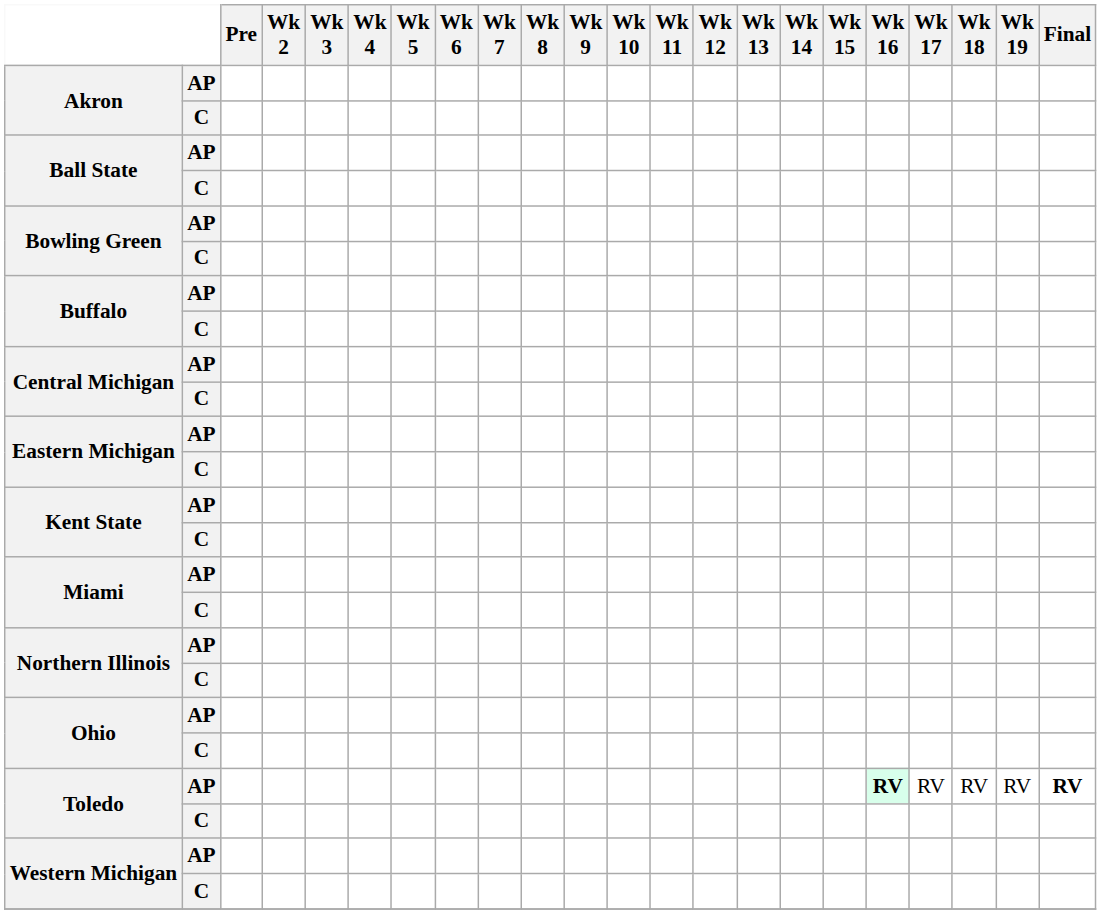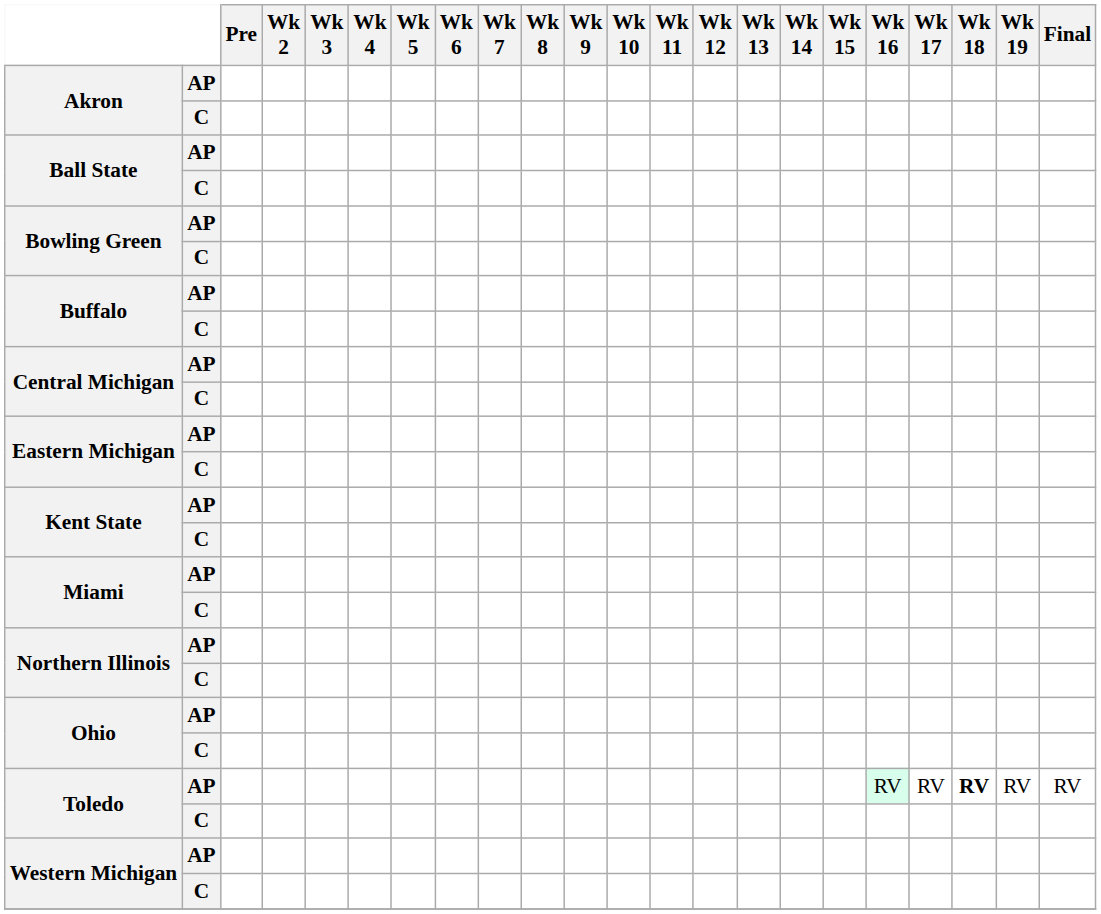 <table class="wikitable" style="white-space:nowrap;font-size:90%;">
 <tr>
 <th colspan=2 style="background:white; border-top-style:hidden; border-left-style:hidden;"> </th>
 <th>Pre</th>
 <th>Wk<br>2</th>
 <th>Wk<br>3</th>
 <th>Wk<br>4</th>
 <th>Wk<br>5</th>
 <th>Wk<br>6</th>
 <th>Wk<br>7</th>
 <th>Wk<br>8</th>
 <th>Wk<br>9</th>
 <th>Wk<br>10</th>
 <th>Wk<br>11</th>
 <th>Wk<br>12</th>
 <th>Wk<br>13</th>
 <th>Wk<br>14</th>
 <th>Wk<br>15</th>
 <th>Wk<br>16</th>
 <th>Wk<br>17</th>
 <th>Wk<br>18</th>
 <th>Wk<br>19</th>
 <th>Final</th>
 </tr>
 <tr style="text-align:center;">
 <th rowspan="2">Akron</th>
 <th>AP</th>
 <td style="background:#FFF;"></td>
 <td style="background:#FFF;"></td>
 <td style="background:#FFF;"></td>
 <td style="background:#FFF;"></td>
 <td style="background:#FFF;"></td>
 <td style="background:#FFF;"></td>
 <td style="background:#FFF;"></td>
 <td style="background:#FFF;"></td>
 <td style="background:#FFF;"></td>
 <td style="background:#FFF;"></td>
 <td style="background:#FFF;"></td>
 <td style="background:#FFF;"></td>
 <td style="background:#FFF;"></td>
 <td style="background:#FFF;"></td>
 <td style="background:#FFF;"></td>
 <td style="background:#FFF;"></td>
 <td style="background:#FFF;"></td>
 <td style="background:#FFF;"></td>
 <td style="background:#FFF;"></td>
 <td style="background:#FFF;"></td>
 </tr>
 <tr style="text-align:center;">
 <th>C</th>
 <td style="background:#FFF;"></td>
 <td style="background:#FFF;"></td>
 <td style="background:#FFF;"></td>
 <td style="background:#FFF;"></td>
 <td style="background:#FFF;"></td>
 <td style="background:#FFF;"></td>
 <td style="background:#FFF;"></td>
 <td style="background:#FFF;"></td>
 <td style="background:#FFF;"></td>
 <td style="background:#FFF;"></td>
 <td style="background:#FFF;"></td>
 <td style="background:#FFF;"></td>
 <td style="background:#FFF;"></td>
 <td style="background:#FFF;"></td>
 <td style="background:#FFF;"></td>
 <td style="background:#FFF;"></td>
 <td style="background:#FFF;"></td>
 <td style="background:#FFF;"></td>
 <td style="background:#FFF;"></td>
 <td style="background:#FFF;"></td>
 </tr>
 <tr style="text-align:center;">
 <th rowspan="2">Ball State</th>
 <th>AP</th>
 <td style="background:#FFF;"></td>
 <td style="background:#FFF;"></td>
 <td style="background:#FFF;"></td>
 <td style="background:#FFF;"></td>
 <td style="background:#FFF;"></td>
 <td style="background:#FFF;"></td>
 <td style="background:#FFF;"></td>
 <td style="background:#FFF;"></td>
 <td style="background:#FFF;"></td>
 <td style="background:#FFF;"></td>
 <td style="background:#FFF;"></td>
 <td style="background:#FFF;"></td>
 <td style="background:#FFF;"></td>
 <td style="background:#FFF;"></td>
 <td style="background:#FFF;"></td>
 <td style="background:#FFF;"></td>
 <td style="background:#FFF;"></td>
 <td style="background:#FFF;"></td>
 <td style="background:#FFF;"></td>
 <td style="background:#FFF;"></td>
 </tr>
 <tr style="text-align:center;">
 <th>C</th>
 <td style="background:#FFF;"></td>
 <td style="background:#FFF;"></td>
 <td style="background:#FFF;"></td>
 <td style="background:#FFF;"></td>
 <td style="background:#FFF;"></td>
 <td style="background:#FFF;"></td>
 <td style="background:#FFF;"></td>
 <td style="background:#FFF;"></td>
 <td style="background:#FFF;"></td>
 <td style="background:#FFF;"></td>
 <td style="background:#FFF;"></td>
 <td style="background:#FFF;"></td>
 <td style="background:#FFF;"></td>
 <td style="background:#FFF;"></td>
 <td style="background:#FFF;"></td>
 <td style="background:#FFF;"></td>
 <td style="background:#FFF;"></td>
 <td style="background:#FFF;"></td>
 <td style="background:#FFF;"></td>
 <td style="background:#FFF;"></td>
 </tr>
 <tr style="text-align:center;">
 <th rowspan="2">Bowling Green</th>
 <th>AP</th>
 <td style="background:#FFF;"></td>
 <td style="background:#FFF;"></td>
 <td style="background:#FFF;"></td>
 <td style="background:#FFF;"></td>
 <td style="background:#FFF;"></td>
 <td style="background:#FFF;"></td>
 <td style="background:#FFF;"></td>
 <td style="background:#FFF;"></td>
 <td style="background:#FFF;"></td>
 <td style="background:#FFF;"></td>
 <td style="background:#FFF;"></td>
 <td style="background:#FFF;"></td>
 <td style="background:#FFF;"></td>
 <td style="background:#FFF;"></td>
 <td style="background:#FFF;"></td>
 <td style="background:#FFF;"></td>
 <td style="background:#FFF;"></td>
 <td style="background:#FFF;"></td>
 <td style="background:#FFF;"></td>
 <td style="background:#FFF;"></td>
 </tr>
 <tr style="text-align:center;">
 <th>C</th>
 <td style="background:#FFF;"></td>
 <td style="background:#FFF;"></td>
 <td style="background:#FFF;"></td>
 <td style="background:#FFF;"></td>
 <td style="background:#FFF;"></td>
 <td style="background:#FFF;"></td>
 <td style="background:#FFF;"></td>
 <td style="background:#FFF;"></td>
 <td style="background:#FFF;"></td>
 <td style="background:#FFF;"></td>
 <td style="background:#FFF;"></td>
 <td style="background:#FFF;"></td>
 <td style="background:#FFF;"></td>
 <td style="background:#FFF;"></td>
 <td style="background:#FFF;"></td>
 <td style="background:#FFF;"></td>
 <td style="background:#FFF;"></td>
 <td style="background:#FFF;"></td>
 <td style="background:#FFF;"></td>
 <td style="background:#FFF;"></td>
 </tr>
 <tr style="text-align:center;">
 <th rowspan="2">Buffalo</th>
 <th>AP</th>
 <td style="background:#FFF;"></td>
 <td style="background:#FFF;"></td>
 <td style="background:#FFF;"></td>
 <td style="background:#FFF;"></td>
 <td style="background:#FFF;"></td>
 <td style="background:#FFF;"></td>
 <td style="background:#FFF;"></td>
 <td style="background:#FFF;"></td>
 <td style="background:#FFF;"></td>
 <td style="background:#FFF;"></td>
 <td style="background:#FFF;"></td>
 <td style="background:#FFF;"></td>
 <td style="background:#FFF;"></td>
 <td style="background:#FFF;"></td>
 <td style="background:#FFF;"></td>
 <td style="background:#FFF;"></td>
 <td style="background:#FFF;"></td>
 <td style="background:#FFF;"></td>
 <td style="background:#FFF;"></td>
 <td style="background:#FFF;"></td>
 </tr>
 <tr style="text-align:center;">
 <th>C</th>
 <td style="background:#FFF;"></td>
 <td style="background:#FFF;"></td>
 <td style="background:#FFF;"></td>
 <td style="background:#FFF;"></td>
 <td style="background:#FFF;"></td>
 <td style="background:#FFF;"></td>
 <td style="background:#FFF;"></td>
 <td style="background:#FFF;"></td>
 <td style="background:#FFF;"></td>
 <td style="background:#FFF;"></td>
 <td style="background:#FFF;"></td>
 <td style="background:#FFF;"></td>
 <td style="background:#FFF;"></td>
 <td style="background:#FFF;"></td>
 <td style="background:#FFF;"></td>
 <td style="background:#FFF;"></td>
 <td style="background:#FFF;"></td>
 <td style="background:#FFF;"></td>
 <td style="background:#FFF;"></td>
 <td style="background:#FFF;"></td>
 </tr>
 <tr style="text-align:center;">
 <th rowspan="2">Central Michigan</th>
 <th>AP</th>
 <td style="background:#FFF;"></td>
 <td style="background:#FFF;"></td>
 <td style="background:#FFF;"></td>
 <td style="background:#FFF;"></td>
 <td style="background:#FFF;"></td>
 <td style="background:#FFF;"></td>
 <td style="background:#FFF;"></td>
 <td style="background:#FFF;"></td>
 <td style="background:#FFF;"></td>
 <td style="background:#FFF;"></td>
 <td style="background:#FFF;"></td>
 <td style="background:#FFF;"></td>
 <td style="background:#FFF;"></td>
 <td style="background:#FFF;"></td>
 <td style="background:#FFF;"></td>
 <td style="background:#FFF;"></td>
 <td style="background:#FFF;"></td>
 <td style="background:#FFF;"></td>
 <td style="background:#FFF;"></td>
 <td style="background:#FFF;"></td>
 </tr>
 <tr style="text-align:center;">
 <th>C</th>
 <td style="background:#FFF;"></td>
 <td style="background:#FFF;"></td>
 <td style="background:#FFF;"></td>
 <td style="background:#FFF;"></td>
 <td style="background:#FFF;"></td>
 <td style="background:#FFF;"></td>
 <td style="background:#FFF;"></td>
 <td style="background:#FFF;"></td>
 <td style="background:#FFF;"></td>
 <td style="background:#FFF;"></td>
 <td style="background:#FFF;"></td>
 <td style="background:#FFF;"></td>
 <td style="background:#FFF;"></td>
 <td style="background:#FFF;"></td>
 <td style="background:#FFF;"></td>
 <td style="background:#FFF;"></td>
 <td style="background:#FFF;"></td>
 <td style="background:#FFF;"></td>
 <td style="background:#FFF;"></td>
 <td style="background:#FFF;"></td>
 </tr>
 <tr style="text-align:center;">
 <th rowspan="2">Eastern Michigan</th>
 <th>AP</th>
 <td style="background:#FFF;"></td>
 <td style="background:#FFF;"></td>
 <td style="background:#FFF;"></td>
 <td style="background:#FFF;"></td>
 <td style="background:#FFF;"></td>
 <td style="background:#FFF;"></td>
 <td style="background:#FFF;"></td>
 <td style="background:#FFF;"></td>
 <td style="background:#FFF;"></td>
 <td style="background:#FFF;"></td>
 <td style="background:#FFF;"></td>
 <td style="background:#FFF;"></td>
 <td style="background:#FFF;"></td>
 <td style="background:#FFF;"></td>
 <td style="background:#FFF;"></td>
 <td style="background:#FFF;"></td>
 <td style="background:#FFF;"></td>
 <td style="background:#FFF;"></td>
 <td style="background:#FFF;"></td>
 <td style="background:#FFF;"></td>
 </tr>
 <tr style="text-align:center;">
 <th>C</th>
 <td style="background:#FFF;"></td>
 <td style="background:#FFF;"></td>
 <td style="background:#FFF;"></td>
 <td style="background:#FFF;"></td>
 <td style="background:#FFF;"></td>
 <td style="background:#FFF;"></td>
 <td style="background:#FFF;"></td>
 <td style="background:#FFF;"></td>
 <td style="background:#FFF;"></td>
 <td style="background:#FFF;"></td>
 <td style="background:#FFF;"></td>
 <td style="background:#FFF;"></td>
 <td style="background:#FFF;"></td>
 <td style="background:#FFF;"></td>
 <td style="background:#FFF;"></td>
 <td style="background:#FFF;"></td>
 <td style="background:#FFF;"></td>
 <td style="background:#FFF;"></td>
 <td style="background:#FFF;"></td>
 <td style="background:#FFF;"></td>
 </tr>
 <tr style="text-align:center;">
 <th rowspan="2">Kent State</th>
 <th>AP</th>
 <td style="background:#FFF;"></td>
 <td style="background:#FFF;"></td>
 <td style="background:#FFF;"></td>
 <td style="background:#FFF;"></td>
 <td style="background:#FFF;"></td>
 <td style="background:#FFF;"></td>
 <td style="background:#FFF;"></td>
 <td style="background:#FFF;"></td>
 <td style="background:#FFF;"></td>
 <td style="background:#FFF;"></td>
 <td style="background:#FFF;"></td>
 <td style="background:#FFF;"></td>
 <td style="background:#FFF;"></td>
 <td style="background:#FFF;"></td>
 <td style="background:#FFF;"></td>
 <td style="background:#FFF;"></td>
 <td style="background:#FFF;"></td>
 <td style="background:#FFF;"></td>
 <td style="background:#FFF;"></td>
 <td style="background:#FFF;"></td>
 </tr>
 <tr style="text-align:center;">
 <th>C</th>
 <td style="background:#FFF;"></td>
 <td style="background:#FFF;"></td>
 <td style="background:#FFF;"></td>
 <td style="background:#FFF;"></td>
 <td style="background:#FFF;"></td>
 <td style="background:#FFF;"></td>
 <td style="background:#FFF;"></td>
 <td style="background:#FFF;"></td>
 <td style="background:#FFF;"></td>
 <td style="background:#FFF;"></td>
 <td style="background:#FFF;"></td>
 <td style="background:#FFF;"></td>
 <td style="background:#FFF;"></td>
 <td style="background:#FFF;"></td>
 <td style="background:#FFF;"></td>
 <td style="background:#FFF;"></td>
 <td style="background:#FFF;"></td>
 <td style="background:#FFF;"></td>
 <td style="background:#FFF;"></td>
 <td style="background:#FFF;"></td>
 </tr>
 <tr style="text-align:center;">
 <th rowspan="2">Miami</th>
 <th>AP</th>
 <td style="background:#FFF;"></td>
 <td style="background:#FFF;"></td>
 <td style="background:#FFF;"></td>
 <td style="background:#FFF;"></td>
 <td style="background:#FFF;"></td>
 <td style="background:#FFF;"></td>
 <td style="background:#FFF;"></td>
 <td style="background:#FFF;"></td>
 <td style="background:#FFF;"></td>
 <td style="background:#FFF;"></td>
 <td style="background:#FFF;"></td>
 <td style="background:#FFF;"></td>
 <td style="background:#FFF;"></td>
 <td style="background:#FFF;"></td>
 <td style="background:#FFF;"></td>
 <td style="background:#FFF;"></td>
 <td style="background:#FFF;"></td>
 <td style="background:#FFF;"></td>
 <td style="background:#FFF;"></td>
 <td style="background:#FFF;"></td>
 </tr>
 <tr style="text-align:center;">
 <th>C</th>
 <td style="background:#FFF;"></td>
 <td style="background:#FFF;"></td>
 <td style="background:#FFF;"></td>
 <td style="background:#FFF;"></td>
 <td style="background:#FFF;"></td>
 <td style="background:#FFF;"></td>
 <td style="background:#FFF;"></td>
 <td style="background:#FFF;"></td>
 <td style="background:#FFF;"></td>
 <td style="background:#FFF;"></td>
 <td style="background:#FFF;"></td>
 <td style="background:#FFF;"></td>
 <td style="background:#FFF;"></td>
 <td style="background:#FFF;"></td>
 <td style="background:#FFF;"></td>
 <td style="background:#FFF;"></td>
 <td style="background:#FFF;"></td>
 <td style="background:#FFF;"></td>
 <td style="background:#FFF;"></td>
 <td style="background:#FFF;"></td>
 </tr>
 <tr style="text-align:center;">
 <th rowspan="2">Northern Illinois</th>
 <th>AP</th>
 <td style="background:#FFF;"></td>
 <td style="background:#FFF;"></td>
 <td style="background:#FFF;"></td>
 <td style="background:#FFF;"></td>
 <td style="background:#FFF;"></td>
 <td style="background:#FFF;"></td>
 <td style="background:#FFF;"></td>
 <td style="background:#FFF;"></td>
 <td style="background:#FFF;"></td>
 <td style="background:#FFF;"></td>
 <td style="background:#FFF;"></td>
 <td style="background:#FFF;"></td>
 <td style="background:#FFF;"></td>
 <td style="background:#FFF;"></td>
 <td style="background:#FFF;"></td>
 <td style="background:#FFF;"></td>
 <td style="background:#FFF;"></td>
 <td style="background:#FFF;"></td>
 <td style="background:#FFF;"></td>
 <td style="background:#FFF;"></td>
 </tr>
 <tr style="text-align:center;">
 <th>C</th>
 <td style="background:#FFF;"></td>
 <td style="background:#FFF;"></td>
 <td style="background:#FFF;"></td>
 <td style="background:#FFF;"></td>
 <td style="background:#FFF;"></td>
 <td style="background:#FFF;"></td>
 <td style="background:#FFF;"></td>
 <td style="background:#FFF;"></td>
 <td style="background:#FFF;"></td>
 <td style="background:#FFF;"></td>
 <td style="background:#FFF;"></td>
 <td style="background:#FFF;"></td>
 <td style="background:#FFF;"></td>
 <td style="background:#FFF;"></td>
 <td style="background:#FFF;"></td>
 <td style="background:#FFF;"></td>
 <td style="background:#FFF;"></td>
 <td style="background:#FFF;"></td>
 <td style="background:#FFF;"></td>
 <td style="background:#FFF;"></td>
 </tr>
 <tr style="text-align:center;">
 <th rowspan="2">Ohio</th>
 <th>AP</th>
 <td style="background:#FFF;"></td>
 <td style="background:#FFF;"></td>
 <td style="background:#FFF;"></td>
 <td style="background:#FFF;"></td>
 <td style="background:#FFF;"></td>
 <td style="background:#FFF;"></td>
 <td style="background:#FFF;"></td>
 <td style="background:#FFF;"></td>
 <td style="background:#FFF;"></td>
 <td style="background:#FFF;"></td>
 <td style="background:#FFF;"></td>
 <td style="background:#FFF;"></td>
 <td style="background:#FFF;"></td>
 <td style="background:#FFF;"></td>
 <td style="background:#FFF;"></td>
 <td style="background:#FFF;"></td>
 <td style="background:#FFF;"></td>
 <td style="background:#FFF;"></td>
 <td style="background:#FFF;"></td>
 <td style="background:#FFF;"></td>
 </tr>
 <tr style="text-align:center;">
 <th>C</th>
 <td style="background:#FFF;"></td>
 <td style="background:#FFF;"></td>
 <td style="background:#FFF;"></td>
 <td style="background:#FFF;"></td>
 <td style="background:#FFF;"></td>
 <td style="background:#FFF;"></td>
 <td style="background:#FFF;"></td>
 <td style="background:#FFF;"></td>
 <td style="background:#FFF;"></td>
 <td style="background:#FFF;"></td>
 <td style="background:#FFF;"></td>
 <td style="background:#FFF;"></td>
 <td style="background:#FFF;"></td>
 <td style="background:#FFF;"></td>
 <td style="background:#FFF;"></td>
 <td style="background:#FFF;"></td>
 <td style="background:#FFF;"></td>
 <td style="background:#FFF;"></td>
 <td style="background:#FFF;"></td>
 <td style="background:#FFF;"></td>
 </tr>
 <tr style="text-align:center;">
 <th rowspan="2">Toledo</th>
 <th>AP</th>
 <td style="background:#FFF;"></td>
 <td style="background:#FFF;"></td>
 <td style="background:#FFF;"></td>
 <td style="background:#FFF;"></td>
 <td style="background:#FFF;"></td>
 <td style="background:#FFF;"></td>
 <td style="background:#FFF;"></td>
 <td style="background:#FFF;"></td>
 <td style="background:#FFF;"></td>
 <td style="background:#FFF;"></td>
 <td style="background:#FFF;"></td>
 <td style="background:#FFF;"></td>
 <td style="background:#FFF;"></td>
 <td style="background:#FFF;"></td>
 <td style="background:#FFF;"></td>
-<td style="background:#d8ffeb;"><strong>RV</strong></td>
+<td style="background:#d8ffeb;">RV</td>
+<td style="background:#FFF;">RV</td>
+<td style="background:#FFF;"><strong>RV</strong></td>
 <td style="background:#FFF;">RV</td>
 <td style="background:#FFF;">RV</td>
-<td style="background:#FFF;">RV</td>
-<td style="background:#FFF;"><strong>RV</strong></td>
 </tr>
 <tr style="text-align:center;">
 <th>C</th>
 <td style="background:#FFF;"></td>
 <td style="background:#FFF;"></td>
 <td style="background:#FFF;"></td>
 <td style="background:#FFF;"></td>
 <td style="background:#FFF;"></td>
 <td style="background:#FFF;"></td>
 <td style="background:#FFF;"></td>
 <td style="background:#FFF;"></td>
 <td style="background:#FFF;"></td>
 <td style="background:#FFF;"></td>
 <td style="background:#FFF;"></td>
 <td style="background:#FFF;"></td>
 <td style="background:#FFF;"></td>
 <td style="background:#FFF;"></td>
 <td style="background:#FFF;"></td>
 <td style="background:#FFF;"></td>
 <td style="background:#FFF;"></td>
 <td style="background:#FFF;"></td>
 <td style="background:#FFF;"></td>
 <td style="background:#FFF;"></td>
 </tr>
 <tr style="text-align:center;">
 <th rowspan="2">Western Michigan</th>
 <th>AP</th>
 <td style="background:#FFF;"></td>
 <td style="background:#FFF;"></td>
 <td style="background:#FFF;"></td>
 <td style="background:#FFF;"></td>
 <td style="background:#FFF;"></td>
 <td style="background:#FFF;"></td>
 <td style="background:#FFF;"></td>
 <td style="background:#FFF;"></td>
 <td style="background:#FFF;"></td>
 <td style="background:#FFF;"></td>
 <td style="background:#FFF;"></td>
 <td style="background:#FFF;"></td>
 <td style="background:#FFF;"></td>
 <td style="background:#FFF;"></td>
 <td style="background:#FFF;"></td>
 <td style="background:#FFF;"></td>
 <td style="background:#FFF;"></td>
 <td style="background:#FFF;"></td>
 <td style="background:#FFF;"></td>
 <td style="background:#FFF;"></td>
 </tr>
 <tr style="text-align:center;">
 <th>C</th>
 <td style="background:#FFF;"></td>
 <td style="background:#FFF;"></td>
 <td style="background:#FFF;"></td>
 <td style="background:#FFF;"></td>
 <td style="background:#FFF;"></td>
 <td style="background:#FFF;"></td>
 <td style="background:#FFF;"></td>
 <td style="background:#FFF;"></td>
 <td style="background:#FFF;"></td>
 <td style="background:#FFF;"></td>
 <td style="background:#FFF;"></td>
 <td style="background:#FFF;"></td>
 <td style="background:#FFF;"></td>
 <td style="background:#FFF;"></td>
 <td style="background:#FFF;"></td>
 <td style="background:#FFF;"></td>
 <td style="background:#FFF;"></td>
 <td style="background:#FFF;"></td>
 <td style="background:#FFF;"></td>
 <td style="background:#FFF;"></td>
 </tr>
 <tr style="text-align:center;">
 </tr>
 </table>
